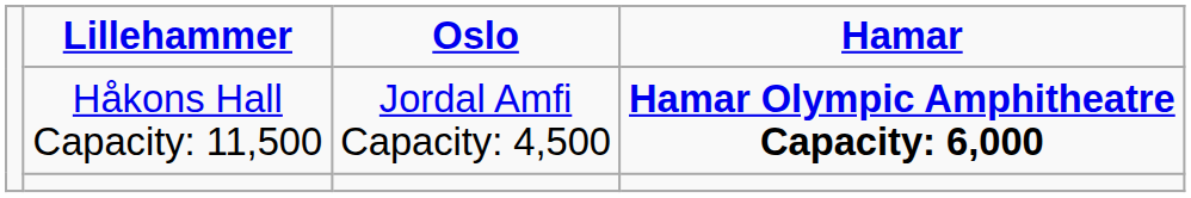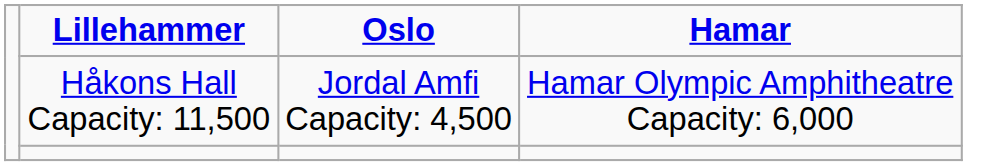 <table class="wikitable" style="text-align:center;">
 <tr>
 <td rowspan="3"></td>
 <td><strong><a href='#'>Lillehammer</a></strong></td>
 <td><strong><a href='#'>Oslo</a></strong></td>
 <td><strong><a href='#'>Hamar</a></strong></td>
 </tr>
 <tr>
 <td><a href='#'>Håkons Hall</a><br>Capacity: 11,500</td>
 <td><a href='#'>Jordal Amfi</a><br>Capacity: 4,500</td>
-<td><strong><a href='#'>Hamar Olympic Amphitheatre</a><br>Capacity: 6,000</strong></td>
+<td><a href='#'>Hamar Olympic Amphitheatre</a><br>Capacity: 6,000</td>
 </tr>
 <tr>
 <td></td>
 <td></td>
 <td></td>
 </tr>
 </table>
